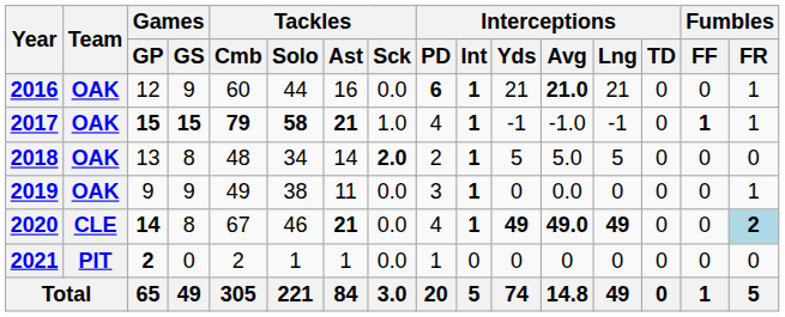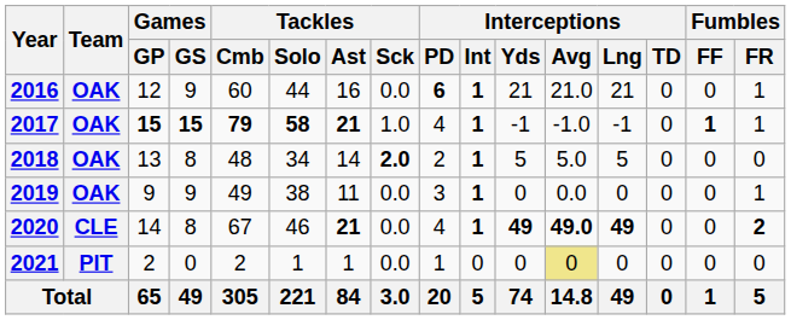 <table class="wikitable" style="text-align: center;">
 <tr>
 <th rowspan="2">Year</th>
 <th rowspan="2">Team</th>
 <th colspan="2">Games</th>
 <th colspan="4">Tackles</th>
 <th colspan="6">Interceptions</th>
 <th colspan="2">Fumbles</th>
 </tr>
 <tr>
 <th>GP</th>
 <th>GS</th>
 <th>Cmb</th>
 <th>Solo</th>
 <th>Ast</th>
 <th>Sck</th>
 <th>PD</th>
 <th>Int</th>
 <th>Yds</th>
 <th>Avg</th>
 <th>Lng</th>
 <th>TD</th>
 <th>FF</th>
 <th>FR</th>
 </tr>
 <tr>
 <th><a href='#'>2016</a></th>
 <th><a href='#'>OAK</a></th>
 <td>12</td>
 <td>9</td>
 <td>60</td>
 <td>44</td>
 <td>16</td>
 <td>0.0</td>
 <td><strong>6</strong></td>
 <td><strong>1</strong></td>
 <td>21</td>
-<td><strong>21.0</strong></td>
+<td>21.0</td>
 <td>21</td>
 <td>0</td>
 <td>0</td>
 <td>1</td>
 </tr>
 <tr>
 <th><a href='#'>2017</a></th>
 <th><a href='#'>OAK</a></th>
 <td><strong>15</strong></td>
 <td><strong>15</strong></td>
 <td><strong>79</strong></td>
 <td><strong>58</strong></td>
 <td><strong>21</strong></td>
 <td>1.0</td>
 <td>4</td>
 <td><strong>1</strong></td>
 <td>-1</td>
 <td>-1.0</td>
 <td>-1</td>
 <td>0</td>
 <td><strong>1</strong></td>
 <td>1</td>
 </tr>
 <tr>
 <th><a href='#'>2018</a></th>
 <th><a href='#'>OAK</a></th>
 <td>13</td>
 <td>8</td>
 <td>48</td>
 <td>34</td>
 <td>14</td>
 <td><strong>2.0</strong></td>
 <td>2</td>
 <td><strong>1</strong></td>
 <td>5</td>
 <td>5.0</td>
 <td>5</td>
 <td>0</td>
 <td>0</td>
 <td>0</td>
 </tr>
 <tr>
 <th><a href='#'>2019</a></th>
 <th><a href='#'>OAK</a></th>
 <td>9</td>
 <td>9</td>
 <td>49</td>
 <td>38</td>
 <td>11</td>
 <td>0.0</td>
 <td>3</td>
 <td><strong>1</strong></td>
 <td>0</td>
 <td>0.0</td>
 <td>0</td>
 <td>0</td>
 <td>0</td>
 <td>1</td>
 </tr>
 <tr>
 <th><a href='#'>2020</a></th>
 <th><a href='#'>CLE</a></th>
-<td><strong>14</strong></td>
+<td>14</td>
 <td>8</td>
 <td>67</td>
 <td>46</td>
 <td><strong>21</strong></td>
 <td>0.0</td>
 <td>4</td>
 <td><strong>1</strong></td>
 <td><strong>49</strong></td>
 <td><strong>49.0</strong></td>
 <td><strong>49</strong></td>
 <td>0</td>
 <td>0</td>
-<td style="background: lightblue;"><strong>2</strong></td>
+<td><strong>2</strong></td>
 </tr>
 <tr>
 <th><a href='#'>2021</a></th>
 <th><a href='#'>PIT</a></th>
-<td><strong>2</strong></td>
+<td>2</td>
 <td>0</td>
 <td>2</td>
 <td>1</td>
 <td>1</td>
 <td>0.0</td>
 <td>1</td>
 <td>0</td>
 <td>0</td>
-<td>0</td>
+<td style="background: khaki;">0</td>
 <td>0</td>
 <td>0</td>
 <td>0</td>
 <td>0</td>
 </tr>
 <tr>
 <th colspan="2">Total</th>
 <th>65</th>
 <th>49</th>
 <th>305</th>
 <th>221</th>
 <th>84</th>
 <th>3.0</th>
 <th>20</th>
 <th>5</th>
 <th>74</th>
 <th>14.8</th>
 <th>49</th>
 <th>0</th>
 <th>1</th>
 <th>5</th>
 </tr>
 </table>
